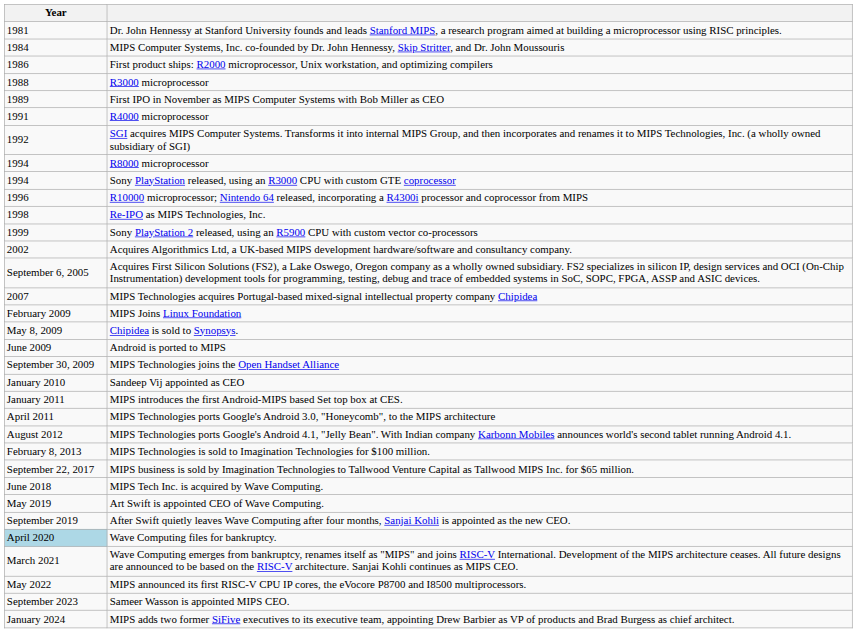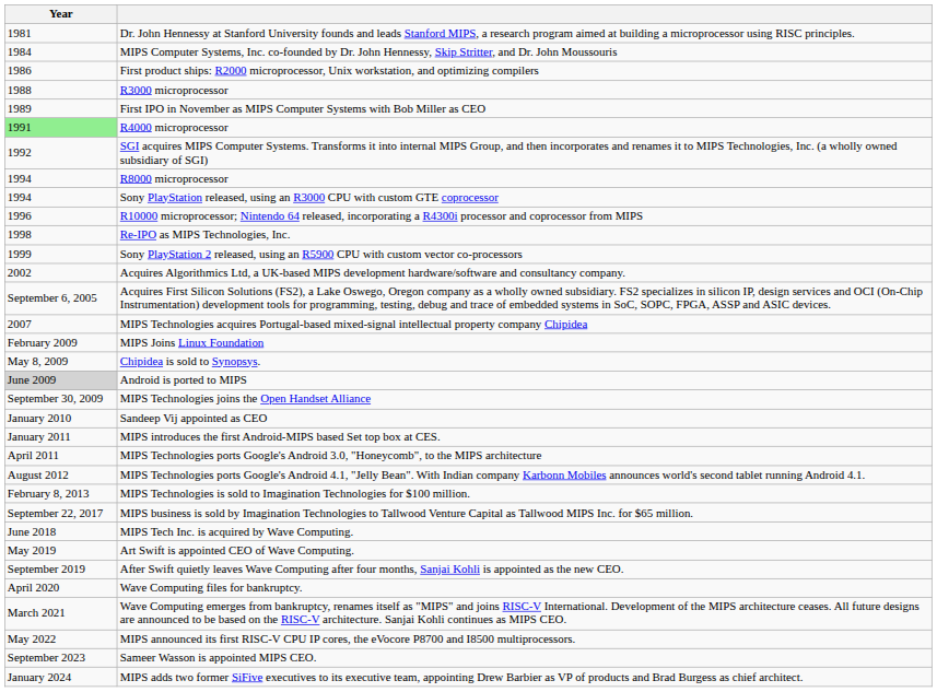 <table class="wikitable sortable">
 <tr>
 <th style="width:9em">Year</th>
 <th></th>
 </tr>
 <tr>
 <td>1981</td>
 <td>Dr. John Hennessy at Stanford University founds and leads <a href='#'>Stanford MIPS</a>, a research program aimed at building a microprocessor using RISC principles.</td>
 </tr>
 <tr>
 <td>1984</td>
 <td>MIPS Computer Systems, Inc. co-founded by Dr. John Hennessy, <a href='#'>Skip Stritter</a>, and Dr. John Moussouris</td>
 </tr>
 <tr>
 <td>1986</td>
 <td>First product ships: <a href='#'>R2000</a> microprocessor, Unix workstation, and optimizing compilers</td>
 </tr>
 <tr>
 <td>1988</td>
 <td><a href='#'>R3000</a> microprocessor</td>
 </tr>
 <tr>
 <td>1989</td>
 <td>First IPO in November as MIPS Computer Systems with Bob Miller as CEO</td>
 </tr>
 <tr>
-<td>1991</td>
+<td style="background: lightgreen;">1991</td>
 <td><a href='#'>R4000</a> microprocessor</td>
 </tr>
 <tr>
 <td>1992</td>
 <td><a href='#'>SGI</a> acquires MIPS Computer Systems. Transforms it into internal MIPS Group, and then incorporates and renames it to MIPS Technologies, Inc. (a wholly owned subsidiary of SGI)</td>
 </tr>
 <tr>
 <td>1994</td>
 <td><a href='#'>R8000</a> microprocessor</td>
 </tr>
 <tr>
 <td>1994</td>
 <td>Sony <a href='#'>PlayStation</a> released, using an <a href='#'>R3000</a> CPU with custom GTE <a href='#'>coprocessor</a></td>
 </tr>
 <tr>
 <td>1996</td>
 <td><a href='#'>R10000</a> microprocessor; <a href='#'>Nintendo 64</a> released, incorporating a <a href='#'>R4300i</a> processor and coprocessor from MIPS</td>
 </tr>
 <tr>
 <td>1998</td>
 <td><a href='#'>Re-IPO</a> as MIPS Technologies, Inc.</td>
 </tr>
 <tr>
 <td>1999</td>
 <td>Sony <a href='#'>PlayStation 2</a> released, using an <a href='#'>R5900</a> CPU with custom vector co-processors</td>
 </tr>
 <tr>
 <td>2002</td>
 <td>Acquires Algorithmics Ltd, a UK-based MIPS development hardware/software and consultancy company.</td>
 </tr>
 <tr>
 <td>September 6, 2005</td>
 <td>Acquires First Silicon Solutions (FS2), a Lake Oswego, Oregon company as a wholly owned subsidiary. FS2 specializes in silicon IP, design services and OCI (On-Chip Instrumentation) development tools for programming, testing, debug and trace of embedded systems in SoC, SOPC, FPGA, ASSP and ASIC devices.</td>
 </tr>
 <tr>
 <td>2007</td>
 <td>MIPS Technologies acquires Portugal-based mixed-signal intellectual property company <a href='#'>Chipidea</a></td>
 </tr>
 <tr>
 <td>February 2009</td>
 <td>MIPS Joins <a href='#'>Linux Foundation</a></td>
 </tr>
 <tr>
 <td>May 8, 2009</td>
 <td><a href='#'>Chipidea</a> is sold to <a href='#'>Synopsys</a>.</td>
 </tr>
 <tr>
-<td>June 2009</td>
+<td style="background: lightgrey;">June 2009</td>
 <td>Android is ported to MIPS</td>
 </tr>
 <tr>
 <td>September 30, 2009</td>
 <td>MIPS Technologies joins the <a href='#'>Open Handset Alliance</a></td>
 </tr>
 <tr>
 <td>January 2010</td>
 <td>Sandeep Vij appointed as CEO</td>
 </tr>
 <tr>
 <td>January 2011</td>
 <td>MIPS introduces the first Android-MIPS based Set top box at CES.</td>
 </tr>
 <tr>
 <td>April 2011</td>
 <td>MIPS Technologies ports Google's Android 3.0, "Honeycomb", to the MIPS architecture</td>
 </tr>
 <tr>
 <td>August 2012</td>
 <td>MIPS Technologies ports Google's Android 4.1, "Jelly Bean". With Indian company <a href='#'>Karbonn Mobiles</a> announces world's second tablet running Android 4.1.</td>
 </tr>
 <tr>
 <td>February 8, 2013</td>
 <td>MIPS Technologies is sold to Imagination Technologies for $100 million.</td>
 </tr>
 <tr>
 <td>September 22, 2017</td>
 <td>MIPS business is sold by Imagination Technologies to Tallwood Venture Capital as Tallwood MIPS Inc. for $65 million.</td>
 </tr>
 <tr>
 <td>June 2018</td>
 <td>MIPS Tech Inc. is acquired by Wave Computing.</td>
 </tr>
 <tr>
 <td>May 2019</td>
 <td>Art Swift is appointed CEO of Wave Computing.</td>
 </tr>
 <tr>
 <td>September 2019</td>
 <td>After Swift quietly leaves Wave Computing after four months, <a href='#'>Sanjai Kohli</a> is appointed as the new CEO.</td>
 </tr>
 <tr>
-<td style="background: lightblue;">April 2020</td>
+<td>April 2020</td>
 <td>Wave Computing files for bankruptcy.</td>
 </tr>
 <tr>
 <td>March 2021</td>
 <td>Wave Computing emerges from bankruptcy, renames itself as "MIPS" and joins <a href='#'>RISC-V</a> International. Development of the MIPS architecture ceases. All future designs are announced to be based on the <a href='#'>RISC-V</a> architecture. Sanjai Kohli continues as MIPS CEO.</td>
 </tr>
 <tr>
 <td>May 2022</td>
 <td>MIPS announced its first RISC-V CPU IP cores, the eVocore P8700 and I8500 multiprocessors.</td>
 </tr>
 <tr>
 <td>September 2023</td>
 <td>Sameer Wasson is appointed MIPS CEO.</td>
 </tr>
 <tr>
 <td>January 2024</td>
 <td>MIPS adds two former <a href='#'>SiFive</a> executives to its executive team, appointing Drew Barbier as VP of products and Brad Burgess as chief architect.</td>
 </tr>
 </table>
